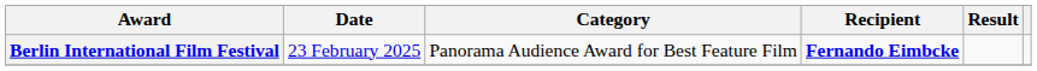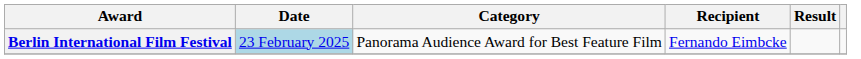 <table class="wikitable sortable plainrowheaders">
 <tr>
 <th>Award</th>
 <th>Date</th>
 <th>Category</th>
 <th>Recipient</th>
 <th>Result</th>
 <th></th>
 </tr>
 <tr>
 <th scope="row"><a href='#'>Berlin International Film Festival</a></th>
-<td><a href='#'>23 February 2025</a></td>
+<td style="background: lightblue;"><a href='#'>23 February 2025</a></td>
 <td>Panorama Audience Award for Best Feature Film</td>
-<td><strong><a href='#'>Fernando Eimbcke</a></strong></td>
+<td><a href='#'>Fernando Eimbcke</a></td>
 <td></td>
 <td align="center" rowspan="1"></td>
 </tr>
 <tr>
 </tr>
 </table>
